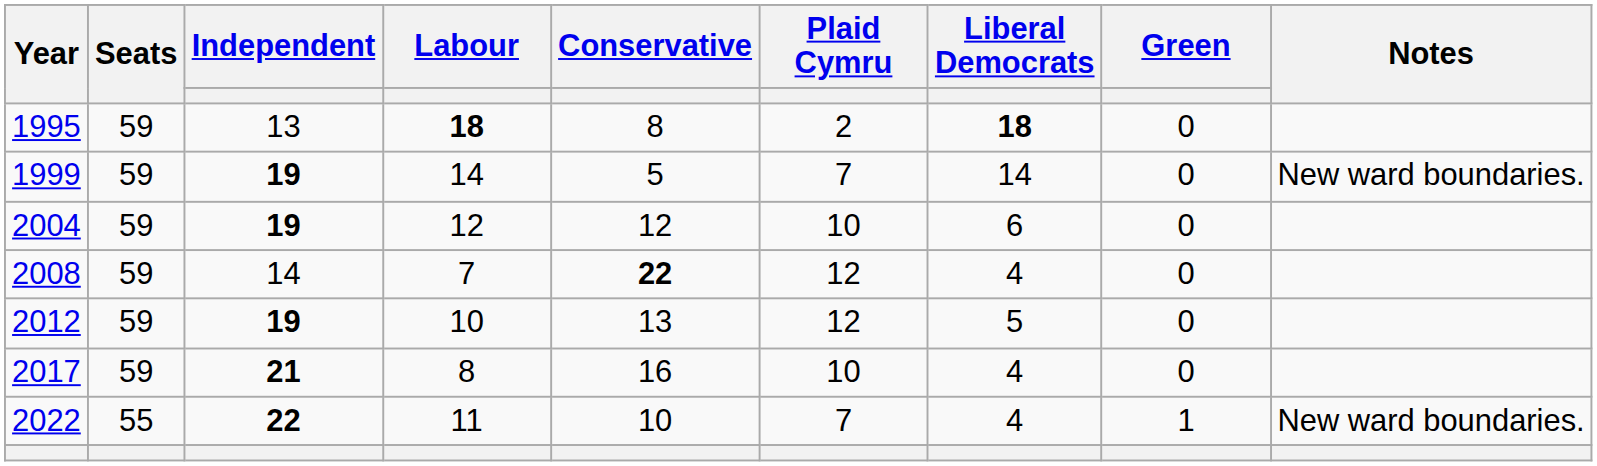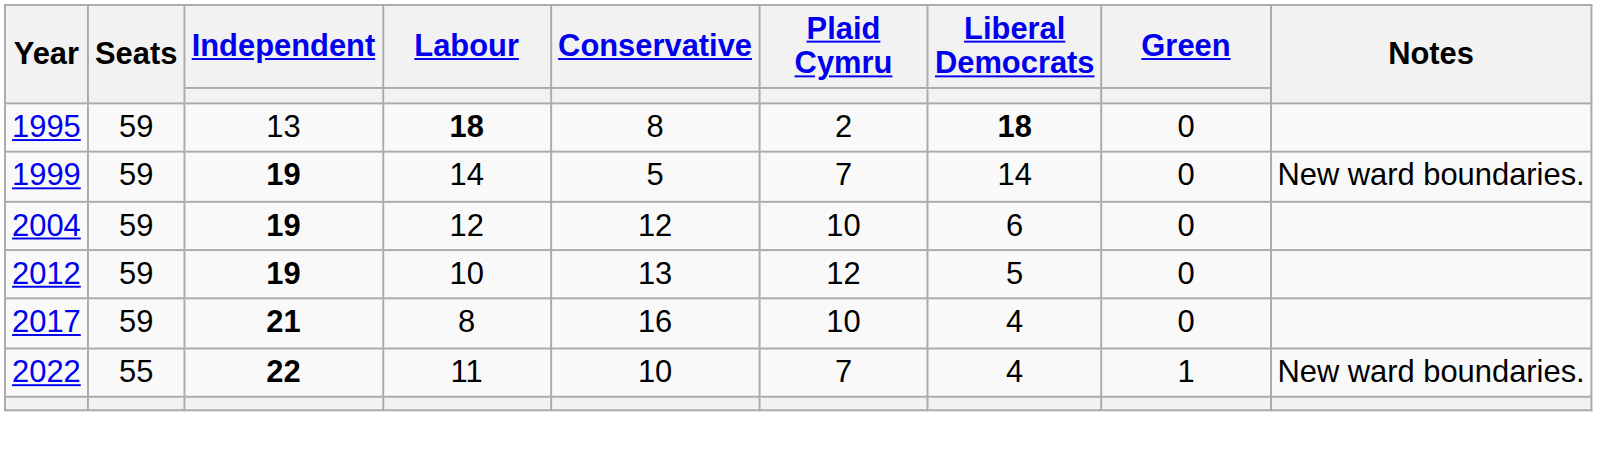 <table class="wikitable" style=text-align:center>
 <tr>
 <th rowspan=2>Year</th>
 <th rowspan=2>Seats</th>
 <th width="80"><a href='#'>Independent</a></th>
 <th width="80"><a href='#'>Labour</a></th>
 <th width="80"><a href='#'>Conservative</a></th>
 <th width="80"><a href='#'>Plaid Cymru</a></th>
 <th width="80"><a href='#'>Liberal Democrats</a></th>
 <th width="80"><a href='#'>Green</a></th>
 <th rowspan=2>Notes</th>
 </tr>
 <tr>
 <th style="background-color: "></th>
 <th style="background-color: "></th>
 <th style="background-color: "></th>
 <th style="background-color: "></th>
 <th style="background-color: "></th>
 <th style="background-color: "></th>
 </tr>
 <tr>
 <td><a href='#'>1995</a></td>
 <td>59</td>
 <td>13</td>
 <td><strong>18</strong></td>
 <td>8</td>
 <td>2</td>
 <td><strong>18</strong></td>
 <td>0</td>
 <td></td>
 </tr>
 <tr>
 <td><a href='#'>1999</a></td>
 <td>59</td>
 <td><strong>19</strong></td>
 <td>14</td>
 <td>5</td>
 <td>7</td>
 <td>14</td>
 <td>0</td>
 <td align=left>New ward boundaries.</td>
 </tr>
 <tr>
 <td><a href='#'>2004</a></td>
 <td>59</td>
 <td><strong>19</strong></td>
 <td>12</td>
 <td>12</td>
 <td>10</td>
 <td>6</td>
 <td>0</td>
 <td></td>
 </tr>
 <tr>
-<td><a href='#'>2008</a></td>
-<td>59</td>
-<td>14</td>
-<td>7</td>
-<td><strong>22</strong></td>
-<td>12</td>
-<td>4</td>
-<td>0</td>
-<td></td>
-</tr>
-<tr>
 <td><a href='#'>2012</a></td>
 <td>59</td>
 <td><strong>19</strong></td>
 <td>10</td>
 <td>13</td>
 <td>12</td>
 <td>5</td>
 <td>0</td>
 <td></td>
 </tr>
 <tr>
 <td><a href='#'>2017</a></td>
 <td>59</td>
 <td><strong>21</strong></td>
 <td>8</td>
 <td>16</td>
 <td>10</td>
 <td>4</td>
 <td>0</td>
 <td></td>
 </tr>
 <tr>
 <td><a href='#'>2022</a></td>
 <td>55</td>
 <td><strong>22</strong></td>
 <td>11</td>
 <td>10</td>
 <td>7</td>
 <td>4</td>
 <td>1</td>
 <td align=left>New ward boundaries.</td>
 </tr>
 <tr>
 <th></th>
 <th></th>
 <th style="background-color: "></th>
 <th style="background-color: "></th>
 <th style="background-color: "></th>
 <th style="background-color: "></th>
 <th style="background-color: "></th>
 <th style="background-color: "></th>
 <th></th>
 </tr>
 </table>
